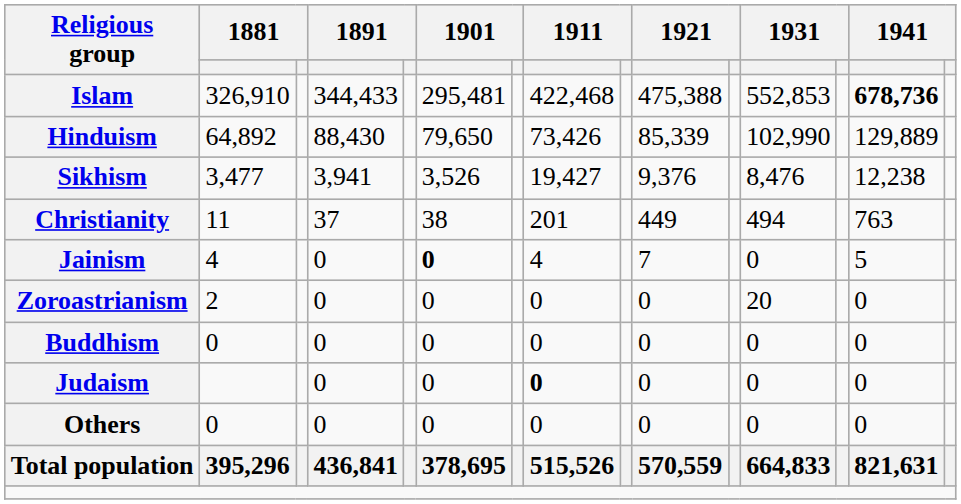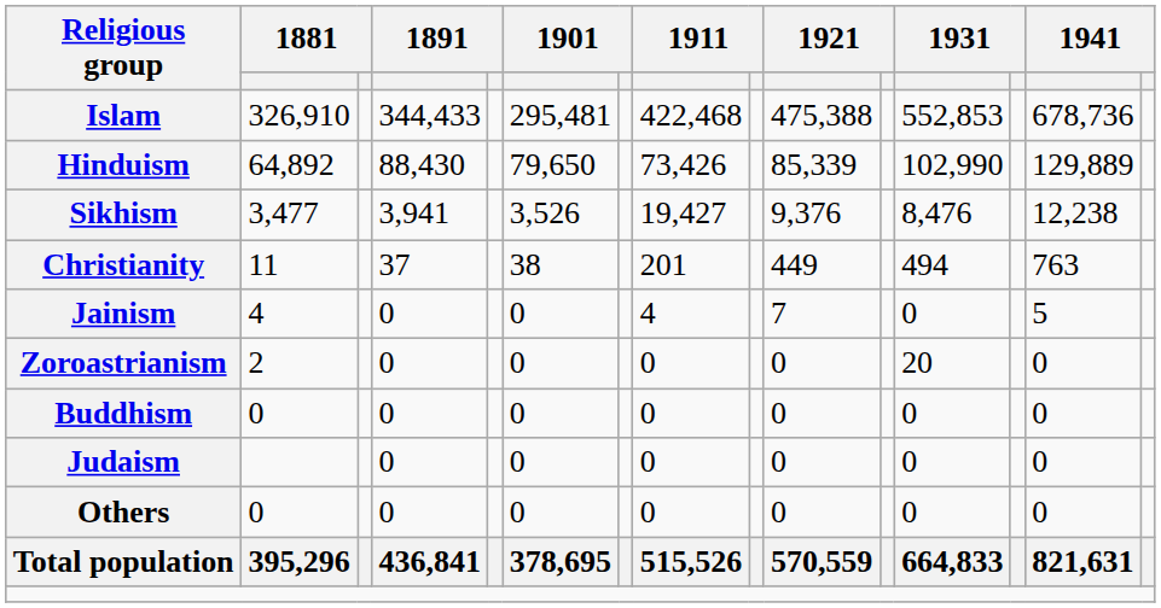 <table class="wikitable sortable">
 <tr>
 <th rowspan="2"><a href='#'>Religious</a><br>group</th>
 <th colspan="2">1881</th>
 <th colspan="2">1891</th>
 <th colspan="2">1901</th>
 <th colspan="2">1911</th>
 <th colspan="2">1921</th>
 <th colspan="2">1931</th>
 <th colspan="2">1941</th>
 </tr>
 <tr>
 <th><a href='#'></a></th>
 <th></th>
 <th></th>
 <th></th>
 <th></th>
 <th></th>
 <th></th>
 <th></th>
 <th></th>
 <th></th>
 <th></th>
 <th></th>
 <th></th>
 <th></th>
 </tr>
 <tr>
 <th><a href='#'>Islam</a> </th>
 <td>326,910</td>
 <td></td>
 <td>344,433</td>
 <td></td>
 <td>295,481</td>
 <td></td>
 <td>422,468</td>
 <td></td>
 <td>475,388</td>
 <td></td>
 <td>552,853</td>
 <td></td>
-<td><strong>678,736</strong></td>
+<td>678,736</td>
 <td></td>
 </tr>
 <tr>
 <th><a href='#'>Hinduism</a> </th>
 <td>64,892</td>
 <td></td>
 <td>88,430</td>
 <td></td>
 <td>79,650</td>
 <td></td>
 <td>73,426</td>
 <td></td>
 <td>85,339</td>
 <td></td>
 <td>102,990</td>
 <td></td>
 <td>129,889</td>
 <td></td>
 </tr>
 <tr>
 <th><a href='#'>Sikhism</a> </th>
 <td>3,477</td>
 <td></td>
 <td>3,941</td>
 <td></td>
 <td>3,526</td>
 <td></td>
 <td>19,427</td>
 <td></td>
 <td>9,376</td>
 <td></td>
 <td>8,476</td>
 <td></td>
 <td>12,238</td>
 <td></td>
 </tr>
 <tr>
 <th><a href='#'>Christianity</a> </th>
 <td>11</td>
 <td></td>
 <td>37</td>
 <td></td>
 <td>38</td>
 <td></td>
 <td>201</td>
 <td></td>
 <td>449</td>
 <td></td>
 <td>494</td>
 <td></td>
 <td>763</td>
 <td></td>
 </tr>
 <tr>
 <th><a href='#'>Jainism</a> </th>
 <td>4</td>
 <td></td>
 <td>0</td>
 <td></td>
-<td><strong>0</strong></td>
+<td>0</td>
 <td></td>
 <td>4</td>
 <td></td>
 <td>7</td>
 <td></td>
 <td>0</td>
 <td></td>
 <td>5</td>
 <td></td>
 </tr>
 <tr>
 <th><a href='#'>Zoroastrianism</a> </th>
 <td>2</td>
 <td></td>
 <td>0</td>
 <td></td>
 <td>0</td>
 <td></td>
 <td>0</td>
 <td></td>
 <td>0</td>
 <td></td>
 <td>20</td>
 <td></td>
 <td>0</td>
 <td></td>
 </tr>
 <tr>
 <th><a href='#'>Buddhism</a> </th>
 <td>0</td>
 <td></td>
 <td>0</td>
 <td></td>
 <td>0</td>
 <td></td>
 <td>0</td>
 <td></td>
 <td>0</td>
 <td></td>
 <td>0</td>
 <td></td>
 <td>0</td>
 <td></td>
 </tr>
 <tr>
 <th><a href='#'>Judaism</a> </th>
 <td></td>
 <td></td>
 <td>0</td>
 <td></td>
 <td>0</td>
 <td></td>
-<td><strong>0</strong></td>
+<td>0</td>
 <td></td>
 <td>0</td>
 <td></td>
 <td>0</td>
 <td></td>
 <td>0</td>
 <td></td>
 </tr>
 <tr>
 <th>Others</th>
 <td>0</td>
 <td></td>
 <td>0</td>
 <td></td>
 <td>0</td>
 <td></td>
 <td>0</td>
 <td></td>
 <td>0</td>
 <td></td>
 <td>0</td>
 <td></td>
 <td>0</td>
 <td></td>
 </tr>
 <tr>
 <th>Total population</th>
 <th>395,296</th>
 <th></th>
 <th>436,841</th>
 <th></th>
 <th>378,695</th>
 <th></th>
 <th>515,526</th>
 <th></th>
 <th>570,559</th>
 <th></th>
 <th>664,833</th>
 <th></th>
 <th>821,631</th>
 <th></th>
 </tr>
 <tr class="sortbottom">
 <td colspan="15"></td>
 </tr>
 </table>
